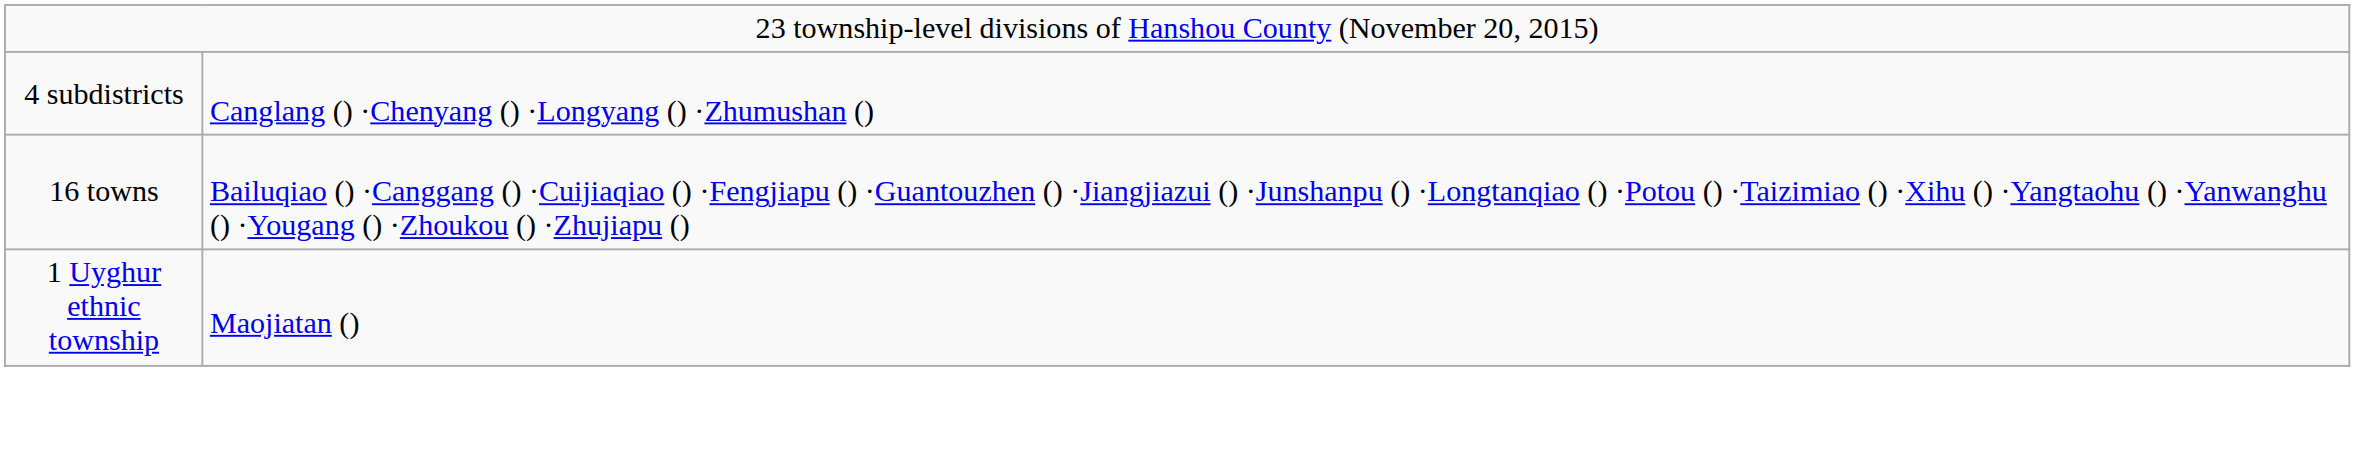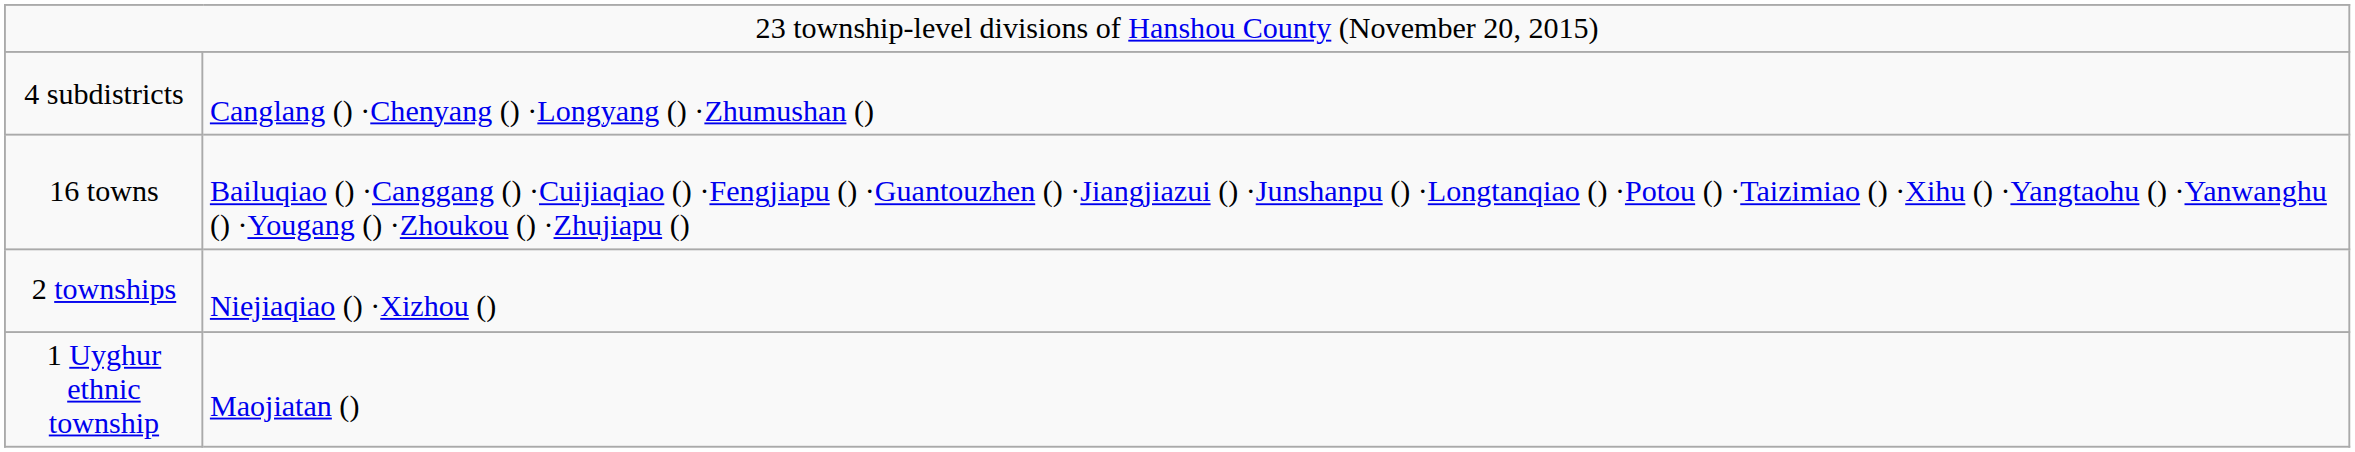 <table class="wikitable">
 <tr>
 <td style="text-align:center;" colspan="2">23 township-level divisions of <a href='#'>Hanshou County</a> (November 20, 2015)</td>
 </tr>
 <tr align=left>
 <td align=center>4 subdistricts</td>
 <td><br><a href='#'>Canglang</a> () ·<a href='#'>Chenyang</a> () ·<a href='#'>Longyang</a> () ·<a href='#'>Zhumushan</a> ()</td>
 </tr>
 <tr align=left>
 <td align=center>16 towns</td>
 <td><br><a href='#'>Bailuqiao</a> () ·<a href='#'>Canggang</a> () ·<a href='#'>Cuijiaqiao</a> () ·<a href='#'>Fengjiapu</a> () ·<a href='#'>Guantouzhen</a> () ·<a href='#'>Jiangjiazui</a> () ·<a href='#'>Junshanpu</a> () ·<a href='#'>Longtanqiao</a> () ·<a href='#'>Potou</a> () ·<a href='#'>Taizimiao</a> () ·<a href='#'>Xihu</a> () ·<a href='#'>Yangtaohu</a> () ·<a href='#'>Yanwanghu</a> () ·<a href='#'>Yougang</a> () ·<a href='#'>Zhoukou</a> () ·<a href='#'>Zhujiapu</a> ()</td>
 </tr>
 <tr align=left>
+<td align=center>2 <a href='#'>townships</a></td>
+<td><br><a href='#'>Niejiaqiao</a> () ·<a href='#'>Xizhou</a> ()</td>
+</tr>
+<tr align=left>
 <td align=center>1 <a href='#'>Uyghur</a> <a href='#'>ethnic<br> township</a></td>
 <td><br><a href='#'>Maojiatan</a> ()</td>
 </tr>
 </table>
